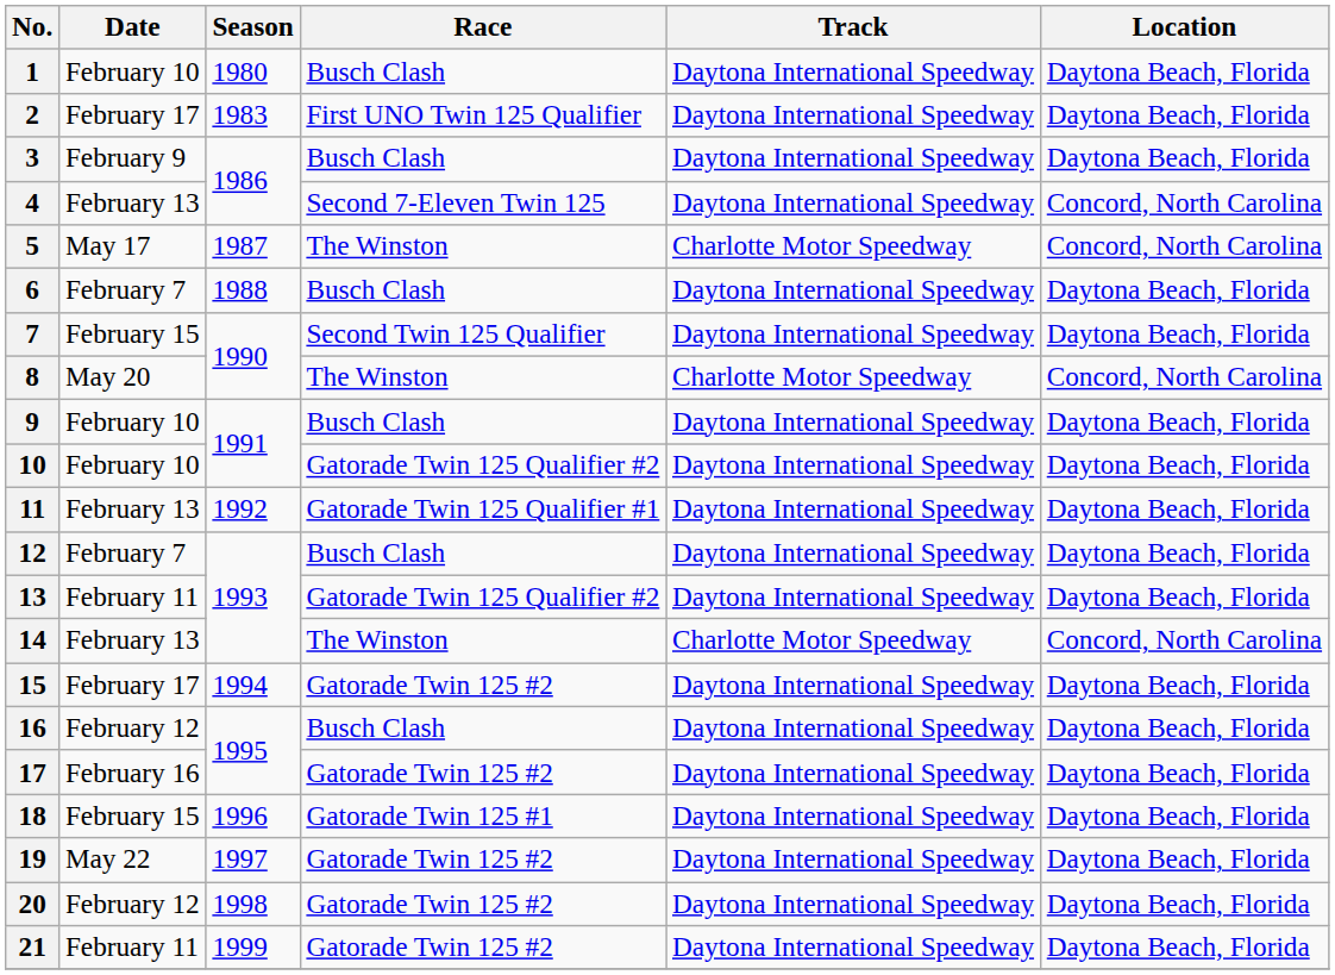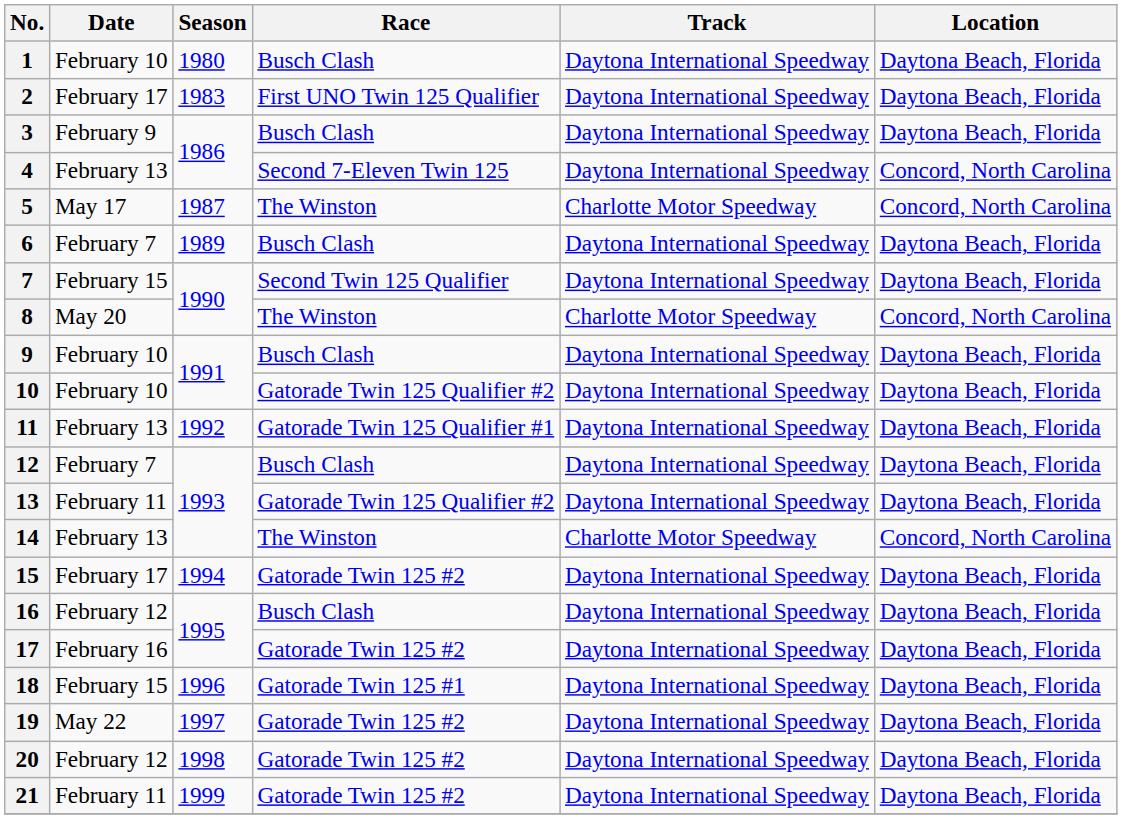 <table class="wikitable sortable">
 <tr>
 <th scope="col">No.</th>
 <th scope="col">Date</th>
 <th scope="col">Season</th>
 <th scope="col">Race</th>
 <th scope="col">Track</th>
 <th scope="col">Location</th>
 </tr>
 <tr>
 <th scope="row">1</th>
 <td>February 10</td>
 <td><a href='#'>1980</a></td>
 <td><a href='#'>Busch Clash</a></td>
 <td><a href='#'>Daytona International Speedway</a></td>
 <td><a href='#'>Daytona Beach, Florida</a></td>
 </tr>
 <tr>
 <th scope="row">2</th>
 <td>February 17</td>
 <td><a href='#'>1983</a></td>
 <td><a href='#'>First UNO Twin 125 Qualifier</a></td>
 <td><a href='#'>Daytona International Speedway</a></td>
 <td><a href='#'>Daytona Beach, Florida</a></td>
 </tr>
 <tr>
 <th scope="row">3</th>
 <td>February 9</td>
 <td rowspan=2><a href='#'>1986</a></td>
 <td><a href='#'>Busch Clash</a></td>
 <td><a href='#'>Daytona International Speedway</a></td>
 <td><a href='#'>Daytona Beach, Florida</a></td>
 </tr>
 <tr>
 <th scope="row">4</th>
 <td>February 13</td>
 <td><a href='#'>Second 7-Eleven Twin 125</a></td>
 <td><a href='#'>Daytona International Speedway</a></td>
 <td><a href='#'>Concord, North Carolina</a></td>
 </tr>
 <tr>
 <th scope="row">5</th>
 <td>May 17</td>
 <td><a href='#'>1987</a></td>
 <td><a href='#'>The Winston</a></td>
 <td><a href='#'>Charlotte Motor Speedway</a></td>
 <td><a href='#'>Concord, North Carolina</a></td>
 </tr>
 <tr>
 <th scope="row">6</th>
 <td>February 7</td>
-<td><a href='#'>1988</a></td>
+<td><a href='#'>1989</a></td>
 <td><a href='#'>Busch Clash</a></td>
 <td><a href='#'>Daytona International Speedway</a></td>
 <td><a href='#'>Daytona Beach, Florida</a></td>
 </tr>
 <tr>
 <th scope="row">7</th>
 <td>February 15</td>
 <td rowspan=2><a href='#'>1990</a></td>
 <td><a href='#'>Second Twin 125 Qualifier</a></td>
 <td><a href='#'>Daytona International Speedway</a></td>
 <td><a href='#'>Daytona Beach, Florida</a></td>
 </tr>
 <tr>
 <th scope="row">8</th>
 <td>May 20</td>
 <td><a href='#'>The Winston</a></td>
 <td><a href='#'>Charlotte Motor Speedway</a></td>
 <td><a href='#'>Concord, North Carolina</a></td>
 </tr>
 <tr>
 <th scope="row">9</th>
 <td>February 10</td>
 <td rowspan=2><a href='#'>1991</a></td>
 <td><a href='#'>Busch Clash</a></td>
 <td><a href='#'>Daytona International Speedway</a></td>
 <td><a href='#'>Daytona Beach, Florida</a></td>
 </tr>
 <tr>
 <th scope="row">10</th>
 <td>February 10</td>
 <td><a href='#'>Gatorade Twin 125 Qualifier #2</a></td>
 <td><a href='#'>Daytona International Speedway</a></td>
 <td><a href='#'>Daytona Beach, Florida</a></td>
 </tr>
 <tr>
 <th scope="row">11</th>
 <td>February 13</td>
 <td><a href='#'>1992</a></td>
 <td><a href='#'>Gatorade Twin 125 Qualifier #1</a></td>
 <td><a href='#'>Daytona International Speedway</a></td>
 <td><a href='#'>Daytona Beach, Florida</a></td>
 </tr>
 <tr>
 <th scope="row">12</th>
 <td>February 7</td>
 <td rowspan=3><a href='#'>1993</a></td>
 <td><a href='#'>Busch Clash</a></td>
 <td><a href='#'>Daytona International Speedway</a></td>
 <td><a href='#'>Daytona Beach, Florida</a></td>
 </tr>
 <tr>
 <th scope="row">13</th>
 <td>February 11</td>
 <td><a href='#'>Gatorade Twin 125 Qualifier #2</a></td>
 <td><a href='#'>Daytona International Speedway</a></td>
 <td><a href='#'>Daytona Beach, Florida</a></td>
 </tr>
 <tr>
 <th scope="row">14</th>
 <td>February 13</td>
 <td><a href='#'>The Winston</a></td>
 <td><a href='#'>Charlotte Motor Speedway</a></td>
 <td><a href='#'>Concord, North Carolina</a></td>
 </tr>
 <tr>
 <th scope="row">15</th>
 <td>February 17</td>
 <td><a href='#'>1994</a></td>
 <td><a href='#'>Gatorade Twin 125 #2</a></td>
 <td><a href='#'>Daytona International Speedway</a></td>
 <td><a href='#'>Daytona Beach, Florida</a></td>
 </tr>
 <tr>
 <th scope="row">16</th>
 <td>February 12</td>
 <td rowspan=2><a href='#'>1995</a></td>
 <td><a href='#'>Busch Clash</a></td>
 <td><a href='#'>Daytona International Speedway</a></td>
 <td><a href='#'>Daytona Beach, Florida</a></td>
 </tr>
 <tr>
 <th scope="row">17</th>
 <td>February 16</td>
 <td><a href='#'>Gatorade Twin 125 #2</a></td>
 <td><a href='#'>Daytona International Speedway</a></td>
 <td><a href='#'>Daytona Beach, Florida</a></td>
 </tr>
 <tr>
 <th scope="row">18</th>
 <td>February 15</td>
 <td><a href='#'>1996</a></td>
 <td><a href='#'>Gatorade Twin 125 #1</a></td>
 <td><a href='#'>Daytona International Speedway</a></td>
 <td><a href='#'>Daytona Beach, Florida</a></td>
 </tr>
 <tr>
 <th scope="row">19</th>
 <td>May 22</td>
 <td><a href='#'>1997</a></td>
 <td><a href='#'>Gatorade Twin 125 #2</a></td>
 <td><a href='#'>Daytona International Speedway</a></td>
 <td><a href='#'>Daytona Beach, Florida</a></td>
 </tr>
 <tr>
 <th scope="row">20</th>
 <td>February 12</td>
 <td><a href='#'>1998</a></td>
 <td><a href='#'>Gatorade Twin 125 #2</a></td>
 <td><a href='#'>Daytona International Speedway</a></td>
 <td><a href='#'>Daytona Beach, Florida</a></td>
 </tr>
 <tr>
 <th scope="row">21</th>
 <td>February 11</td>
 <td><a href='#'>1999</a></td>
 <td><a href='#'>Gatorade Twin 125 #2</a></td>
 <td><a href='#'>Daytona International Speedway</a></td>
 <td><a href='#'>Daytona Beach, Florida</a></td>
 </tr>
 <tr>
 </tr>
 </table>
